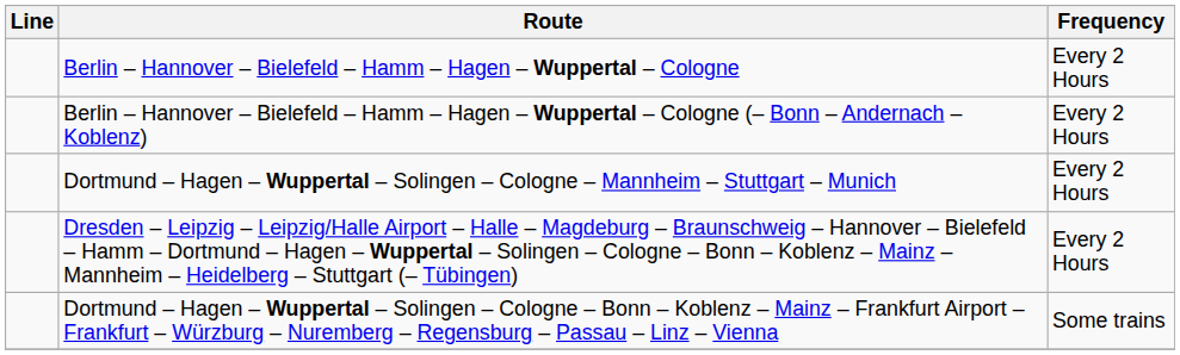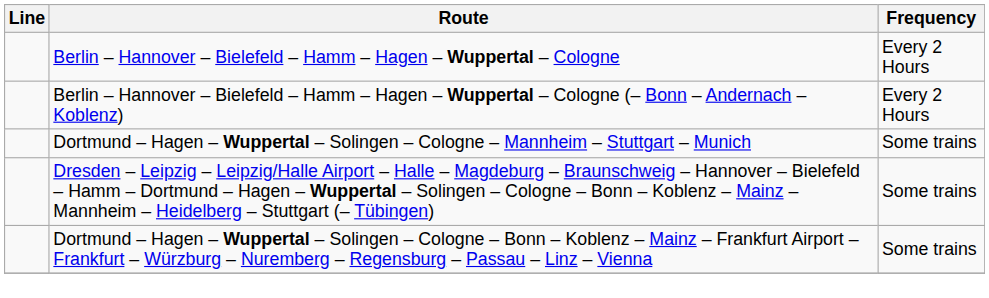 <table class="wikitable" style="clear:both" width="100%">
 <tr class="hintergrundfarbe6">
 <th>Line</th>
 <th colspan="3">Route</th>
 <th>Frequency</th>
 </tr>
 <tr>
 <td></td>
 <td colspan="3"><a href='#'>Berlin</a> – <a href='#'>Hannover</a> – <a href='#'>Bielefeld</a> – <a href='#'>Hamm</a> – <a href='#'>Hagen</a> – <strong>Wuppertal</strong> – <a href='#'>Cologne</a></td>
 <td>Every 2 Hours</td>
 </tr>
 <tr>
 <td></td>
 <td colspan="3">Berlin – Hannover – Bielefeld – Hamm – Hagen – <strong>Wuppertal</strong> – Cologne (– <a href='#'>Bonn</a> – <a href='#'>Andernach</a> – <a href='#'>Koblenz</a>)</td>
 <td>Every 2 Hours</td>
 </tr>
 <tr>
 <td></td>
 <td colspan="3">Dortmund – Hagen – <strong>Wuppertal</strong> – Solingen –  Cologne –  <a href='#'>Mannheim</a> – <a href='#'>Stuttgart</a> – <a href='#'>Munich</a></td>
-<td>Every 2 Hours</td>
+<td>Some trains</td>
 </tr>
 <tr>
 <td></td>
 <td colspan="3"><a href='#'>Dresden</a> – <a href='#'>Leipzig</a> – <a href='#'>Leipzig/Halle Airport</a> – <a href='#'>Halle</a> – <a href='#'>Magdeburg</a> – <a href='#'>Braunschweig</a> – Hannover – Bielefeld – Hamm – Dortmund – Hagen – <strong>Wuppertal</strong> – Solingen – Cologne – Bonn – Koblenz – <a href='#'>Mainz</a> – Mannheim – <a href='#'>Heidelberg</a> – Stuttgart (– <a href='#'>Tübingen</a>)</td>
-<td>Every 2 Hours</td>
+<td>Some trains</td>
 </tr>
 <tr>
 <td></td>
 <td colspan="3">Dortmund – Hagen – <strong>Wuppertal</strong> – Solingen – Cologne – Bonn – Koblenz – <a href='#'>Mainz</a> – Frankfurt Airport – <a href='#'>Frankfurt</a> – <a href='#'>Würzburg</a> – <a href='#'>Nuremberg</a> – <a href='#'>Regensburg</a> – <a href='#'>Passau</a> – <a href='#'>Linz</a> –  <a href='#'>Vienna</a></td>
 <td>Some trains</td>
 </tr>
 <tr>
 </tr>
 </table>
